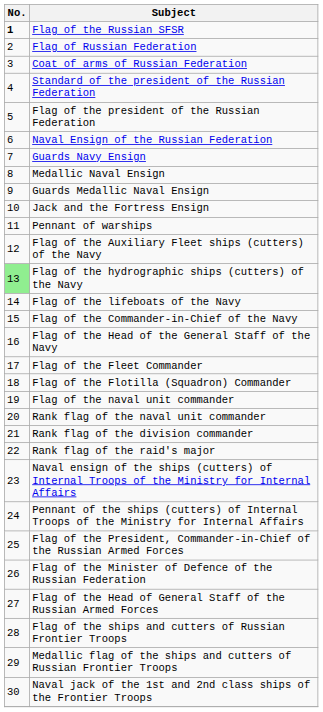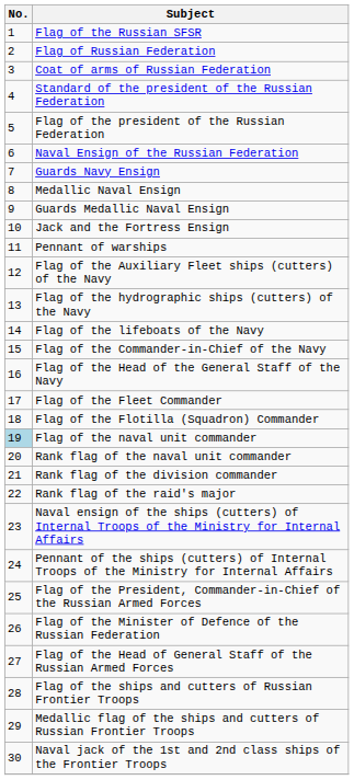 <table class="wikitable">
 <tr>
 <th width="25">No.</th>
 <th width="350">Subject</th>
 </tr>
 <tr>
-<td><strong>1</strong></td>
+<td>1</td>
 <td><a href='#'>Flag of the Russian SFSR</a></td>
 </tr>
 <tr>
 <td>2</td>
 <td><a href='#'>Flag of Russian Federation</a></td>
 </tr>
 <tr>
 <td>3</td>
 <td><a href='#'>Coat of arms of Russian Federation</a></td>
 </tr>
 <tr>
 <td>4</td>
 <td><a href='#'>Standard of the president of the Russian Federation</a></td>
 </tr>
 <tr>
 <td>5</td>
 <td>Flag of the president of the Russian Federation</td>
 </tr>
 <tr>
 <td>6</td>
 <td><a href='#'>Naval Ensign of the Russian Federation</a></td>
 </tr>
 <tr>
 <td>7</td>
 <td><a href='#'>Guards Navy Ensign</a></td>
 </tr>
 <tr>
 <td>8</td>
 <td>Medallic Naval Ensign</td>
 </tr>
 <tr>
 <td>9</td>
 <td>Guards Medallic Naval Ensign</td>
 </tr>
 <tr>
 <td>10</td>
 <td>Jack and the Fortress Ensign</td>
 </tr>
 <tr>
 <td>11</td>
 <td>Pennant of warships</td>
 </tr>
 <tr>
 <td>12</td>
 <td>Flag of the Auxiliary Fleet ships (cutters) of the Navy</td>
 </tr>
 <tr>
-<td style="background: lightgreen;">13</td>
+<td>13</td>
 <td>Flag of the hydrographic ships (cutters) of the Navy</td>
 </tr>
 <tr>
 <td>14</td>
 <td>Flag of the lifeboats of the Navy</td>
 </tr>
 <tr>
 <td>15</td>
 <td>Flag of the Commander-in-Chief of the Navy</td>
 </tr>
 <tr>
 <td>16</td>
 <td>Flag of the Head of the General Staff of the Navy</td>
 </tr>
 <tr>
 <td>17</td>
 <td>Flag of the Fleet Commander</td>
 </tr>
 <tr>
 <td>18</td>
 <td>Flag of the Flotilla (Squadron) Commander</td>
 </tr>
 <tr>
-<td>19</td>
+<td style="background: lightblue;">19</td>
 <td>Flag of the naval unit commander</td>
 </tr>
 <tr>
 <td>20</td>
 <td>Rank flag of the naval unit commander</td>
 </tr>
 <tr>
 <td>21</td>
 <td>Rank flag of the division commander</td>
 </tr>
 <tr>
 <td>22</td>
 <td>Rank flag of the raid's major</td>
 </tr>
 <tr>
 <td>23</td>
 <td>Naval ensign of the ships (cutters) of <a href='#'>Internal Troops of the Ministry for Internal Affairs</a></td>
 </tr>
 <tr>
 <td>24</td>
 <td>Pennant of the ships (cutters) of Internal Troops of the Ministry for Internal Affairs</td>
 </tr>
 <tr>
 <td>25</td>
 <td>Flag of the President, Commander-in-Chief of the Russian Armed Forces</td>
 </tr>
 <tr>
 <td>26</td>
 <td>Flag of the Minister of Defence of the Russian Federation</td>
 </tr>
 <tr>
 <td>27</td>
 <td>Flag of the Head of General Staff of the Russian Armed Forces</td>
 </tr>
 <tr>
 <td>28</td>
 <td>Flag of the ships and cutters of Russian Frontier Troops</td>
 </tr>
 <tr>
 <td>29</td>
 <td>Medallic flag of the ships and cutters of Russian Frontier Troops</td>
 </tr>
 <tr>
 <td>30</td>
 <td>Naval jack of the 1st and 2nd class ships of the Frontier Troops</td>
 </tr>
 <tr>
 </tr>
 </table>
